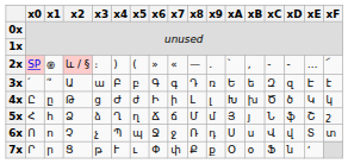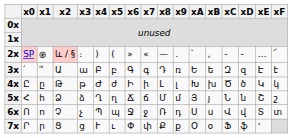 <table class="wikitable" style="float: left; margin: 0 1em; font-size: smaller; font-family:dejavu sans;">
 <tr>
 <th> </th>
 <th>x0</th>
 <th>x1</th>
 <th>x2</th>
 <th>x3</th>
 <th>x4</th>
 <th>x5</th>
 <th>x6</th>
 <th>x7</th>
 <th>x8</th>
 <th>x9</th>
 <th>xA</th>
 <th>xB</th>
 <th>xC</th>
 <th>xD</th>
 <th>xE</th>
 <th>xF</th>
 </tr>
 <tr>
 <th>0x</th>
 <td rowspan="2" colspan="16" style="background:#ddd; text-align: center;"><em>unused</em></td>
 </tr>
 <tr>
 <th>1x</th>
 </tr>
 <tr>
 <th>2x</th>
 <td style="background: #fcc"><a href='#'>SP</a></td>
 <td>֎</td>
 <td style="background: #fcc">և / §</td>
 <td>։</td>
 <td>)</td>
 <td>(</td>
 <td>»</td>
 <td>«</td>
 <td>—</td>
 <td>․</td>
 <td>՝</td>
 <td>,</td>
 <td>‐</td>
 <td>֊</td>
 <td>…</td>
 <td>՜</td>
 </tr>
 <tr>
 <th>3x</th>
 <td>՛</td>
 <td>՞</td>
 <td>Ա</td>
 <td>ա</td>
 <td>Բ</td>
 <td>բ</td>
 <td>Գ</td>
 <td>գ</td>
 <td>Դ</td>
 <td>ռ</td>
 <td>Ե</td>
 <td>ե</td>
 <td>Զ</td>
 <td>զ</td>
 <td>Է</td>
 <td>է</td>
 </tr>
 <tr>
 <th>4x</th>
 <td>Ը</td>
 <td>ը</td>
 <td>Թ</td>
-<td>ց</td>
+<td>թ</td>
 <td>Ժ</td>
 <td>ժ</td>
 <td>Ի</td>
 <td>ի</td>
 <td>Լ</td>
 <td>լ</td>
 <td>Խ</td>
 <td>խ</td>
 <td>Ծ</td>
 <td>ծ</td>
 <td>Կ</td>
 <td>կ</td>
 </tr>
 <tr>
 <th>5x</th>
 <td>Հ</td>
 <td>հ</td>
 <td>Ձ</td>
 <td>ձ</td>
 <td>Ղ</td>
 <td>ղ</td>
 <td>Ճ</td>
 <td>ճ</td>
 <td>Մ</td>
 <td>մ</td>
 <td>Յ</td>
 <td>յ</td>
 <td>Ն</td>
-<td>ֆ</td>
+<td>ն</td>
 <td>Շ</td>
 <td>շ</td>
 </tr>
 <tr>
 <th>6x</th>
 <td>Ո</td>
 <td>ո</td>
 <td>Չ</td>
 <td>չ</td>
 <td>Պ</td>
 <td>պ</td>
 <td>Ջ</td>
 <td>ջ</td>
 <td>Ռ</td>
 <td>դ</td>
 <td>Ս</td>
 <td>ս</td>
 <td>Վ</td>
 <td>վ</td>
 <td>Տ</td>
 <td>տ</td>
 </tr>
 <tr>
 <th>7x</th>
 <td>Ր</td>
 <td>ր</td>
 <td>Ց</td>
-<td>թ</td>
+<td>ց</td>
 <td>Ւ</td>
 <td>ւ</td>
 <td>Փ</td>
 <td>փ</td>
 <td>Ք</td>
 <td>ք</td>
 <td>Օ</td>
 <td>օ</td>
 <td>Ֆ</td>
-<td>ն</td>
+<td>ֆ</td>
 <td>՚</td>
 <td style="background-color:#ddd"> </td>
 </tr>
 </table>
